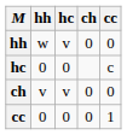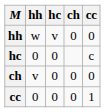 <table class="wikitable" style="text-align:center" align="right">
 <tr>
 <th><em>M</em></th>
 <th>hh</th>
 <th>hc</th>
 <th>ch</th>
 <th>cc</th>
 </tr>
 <tr>
 <th>hh</th>
 <td>w</td>
 <td>v</td>
 <td>0</td>
 <td>0</td>
 </tr>
 <tr>
 <th>hc</th>
 <td>0</td>
 <td>0</td>
 <td></td>
 <td>c</td>
 </tr>
 <tr>
 <th>ch</th>
 <td>v</td>
-<td>v</td>
+<td>0</td>
 <td>0</td>
 <td>0</td>
 </tr>
 <tr>
 <th>cc</th>
 <td>0</td>
 <td>0</td>
 <td>0</td>
 <td>1</td>
 </tr>
 </table>
